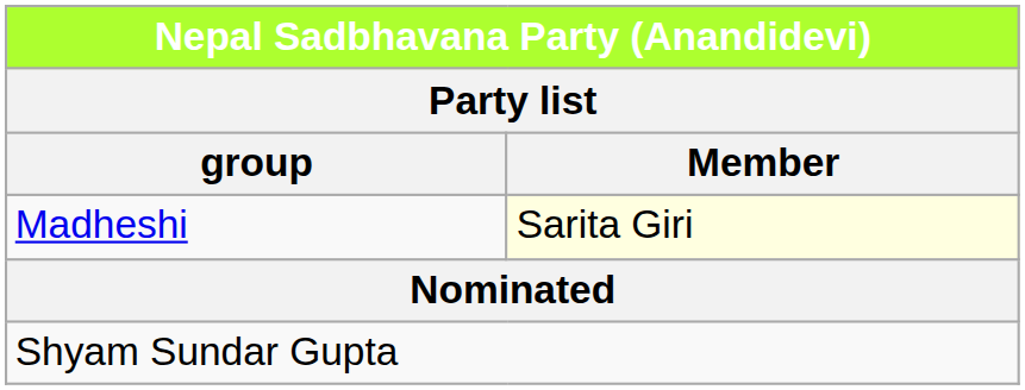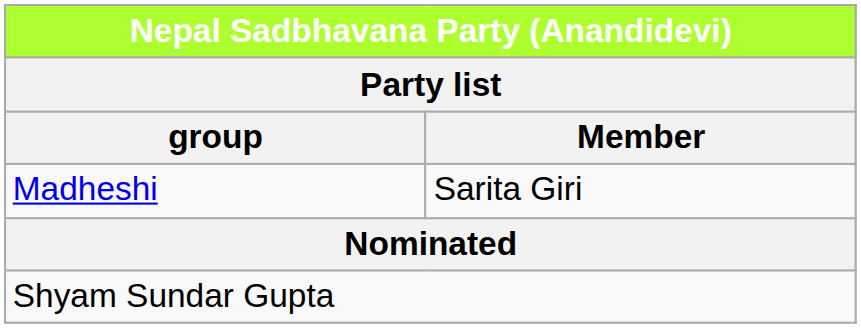 <table class="wikitable mw-collapsible mw-collapsed" role="presentation">
 <tr>
 <th colspan="2" style="width: 300pt; background:greenyellow; color: white;">Nepal Sadbhavana Party (Anandidevi)</th>
 </tr>
 <tr>
 <th colspan="2">Party list</th>
 </tr>
 <tr>
 <th> group</th>
 <th>Member</th>
 </tr>
 <tr>
 <td><a href='#'>Madheshi</a></td>
-<td style="background: lightyellow;">Sarita Giri</td>
+<td>Sarita Giri</td>
 </tr>
 <tr>
 <th colspan="2">Nominated</th>
 </tr>
 <tr>
 <td colspan="2">Shyam Sundar Gupta</td>
 </tr>
 </table>
